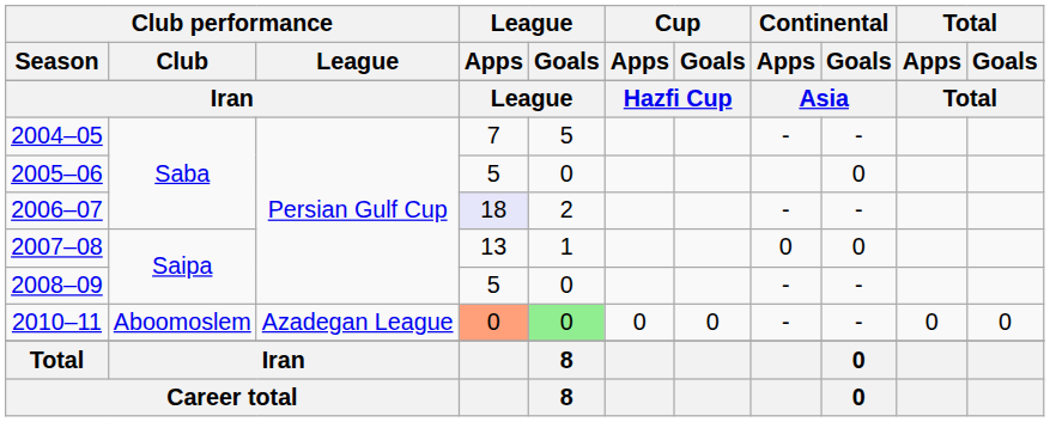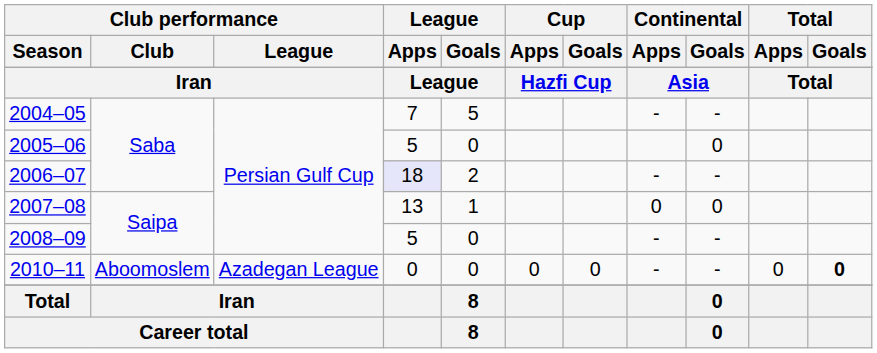 <table class="wikitable" style="text-align:center">
 <tr>
 <th colspan=3>Club performance</th>
 <th colspan=2>League</th>
 <th colspan=2>Cup</th>
 <th colspan=2>Continental</th>
 <th colspan=2>Total</th>
 </tr>
 <tr>
 <th>Season</th>
 <th>Club</th>
 <th>League</th>
 <th>Apps</th>
 <th>Goals</th>
 <th>Apps</th>
 <th>Goals</th>
 <th>Apps</th>
 <th>Goals</th>
 <th>Apps</th>
 <th>Goals</th>
 </tr>
 <tr>
 </tr>
 <tr>
 <th colspan=3>Iran</th>
 <th colspan=2>League</th>
 <th colspan=2><a href='#'>Hazfi Cup</a></th>
 <th colspan=2><a href='#'>Asia</a></th>
 <th colspan=2>Total</th>
 </tr>
 <tr>
 <td><a href='#'>2004–05</a></td>
 <td rowspan=3><a href='#'>Saba</a></td>
 <td rowspan=5><a href='#'>Persian Gulf Cup</a></td>
 <td>7</td>
 <td>5</td>
 <td></td>
 <td></td>
 <td>-</td>
 <td>-</td>
 <td></td>
 <td></td>
 </tr>
 <tr>
 <td><a href='#'>2005–06</a></td>
 <td>5</td>
 <td>0</td>
 <td></td>
 <td></td>
 <td></td>
 <td>0</td>
 <td></td>
 <td></td>
 </tr>
 <tr>
 <td><a href='#'>2006–07</a></td>
 <td style="background: lavender;">18</td>
 <td>2</td>
 <td></td>
 <td></td>
 <td>-</td>
 <td>-</td>
 <td></td>
 <td></td>
 </tr>
 <tr>
 <td><a href='#'>2007–08</a></td>
 <td rowspan=2><a href='#'>Saipa</a></td>
 <td>13</td>
 <td>1</td>
 <td></td>
 <td></td>
 <td>0</td>
 <td>0</td>
 <td></td>
 <td></td>
 </tr>
 <tr>
 <td><a href='#'>2008–09</a></td>
 <td>5</td>
 <td>0</td>
 <td></td>
 <td></td>
 <td>-</td>
 <td>-</td>
 <td></td>
 <td></td>
 </tr>
 <tr>
 <td><a href='#'>2010–11</a></td>
 <td rowspan=1><a href='#'>Aboomoslem</a></td>
 <td rowspan=1><a href='#'>Azadegan League</a></td>
-<td style="background: lightsalmon;">0</td>
-<td style="background: lightgreen;">0</td>
+<td>0</td>
+<td>0</td>
 <td>0</td>
 <td>0</td>
 <td>-</td>
 <td>-</td>
 <td>0</td>
-<td>0</td>
+<td><strong>0</strong></td>
 </tr>
 <tr>
 </tr>
 <tr>
 <th rowspan=1>Total</th>
 <th colspan=2>Iran</th>
 <th></th>
 <th>8</th>
 <th></th>
 <th></th>
 <th></th>
 <th>0</th>
 <th></th>
 <th></th>
 </tr>
 <tr>
 <th colspan=3>Career total</th>
 <th></th>
 <th>8</th>
 <th></th>
 <th></th>
 <th></th>
 <th>0</th>
 <th></th>
 <th></th>
 </tr>
 </table>
